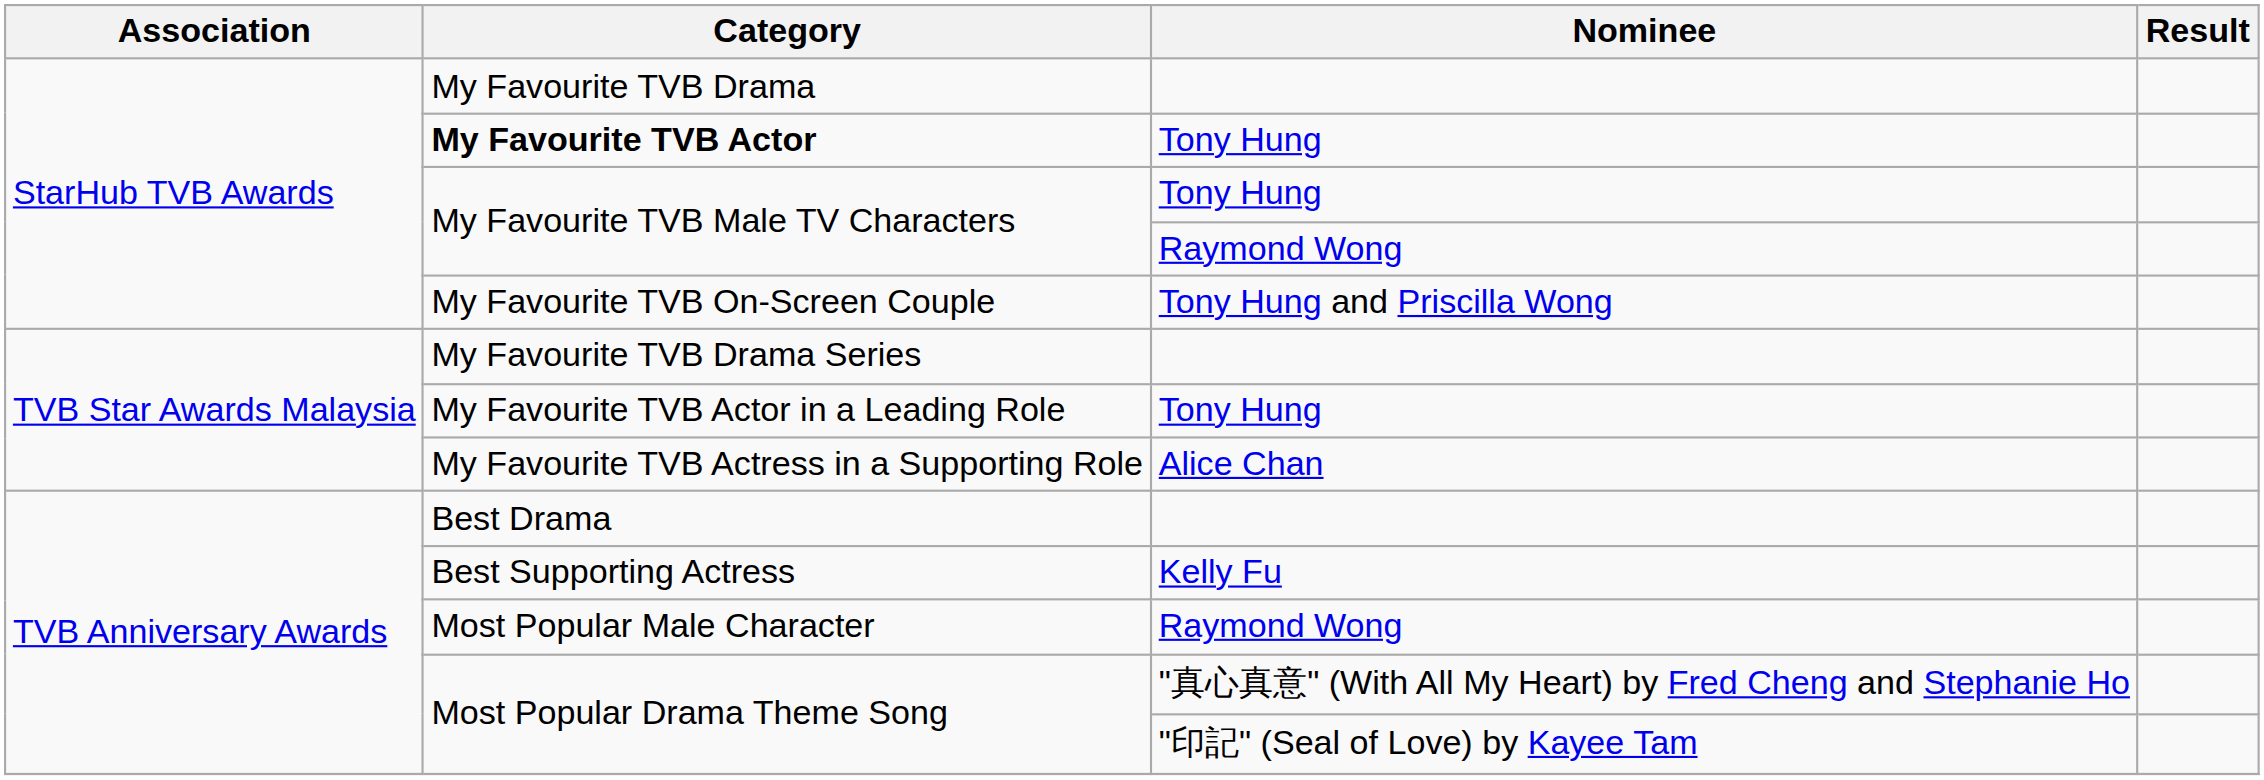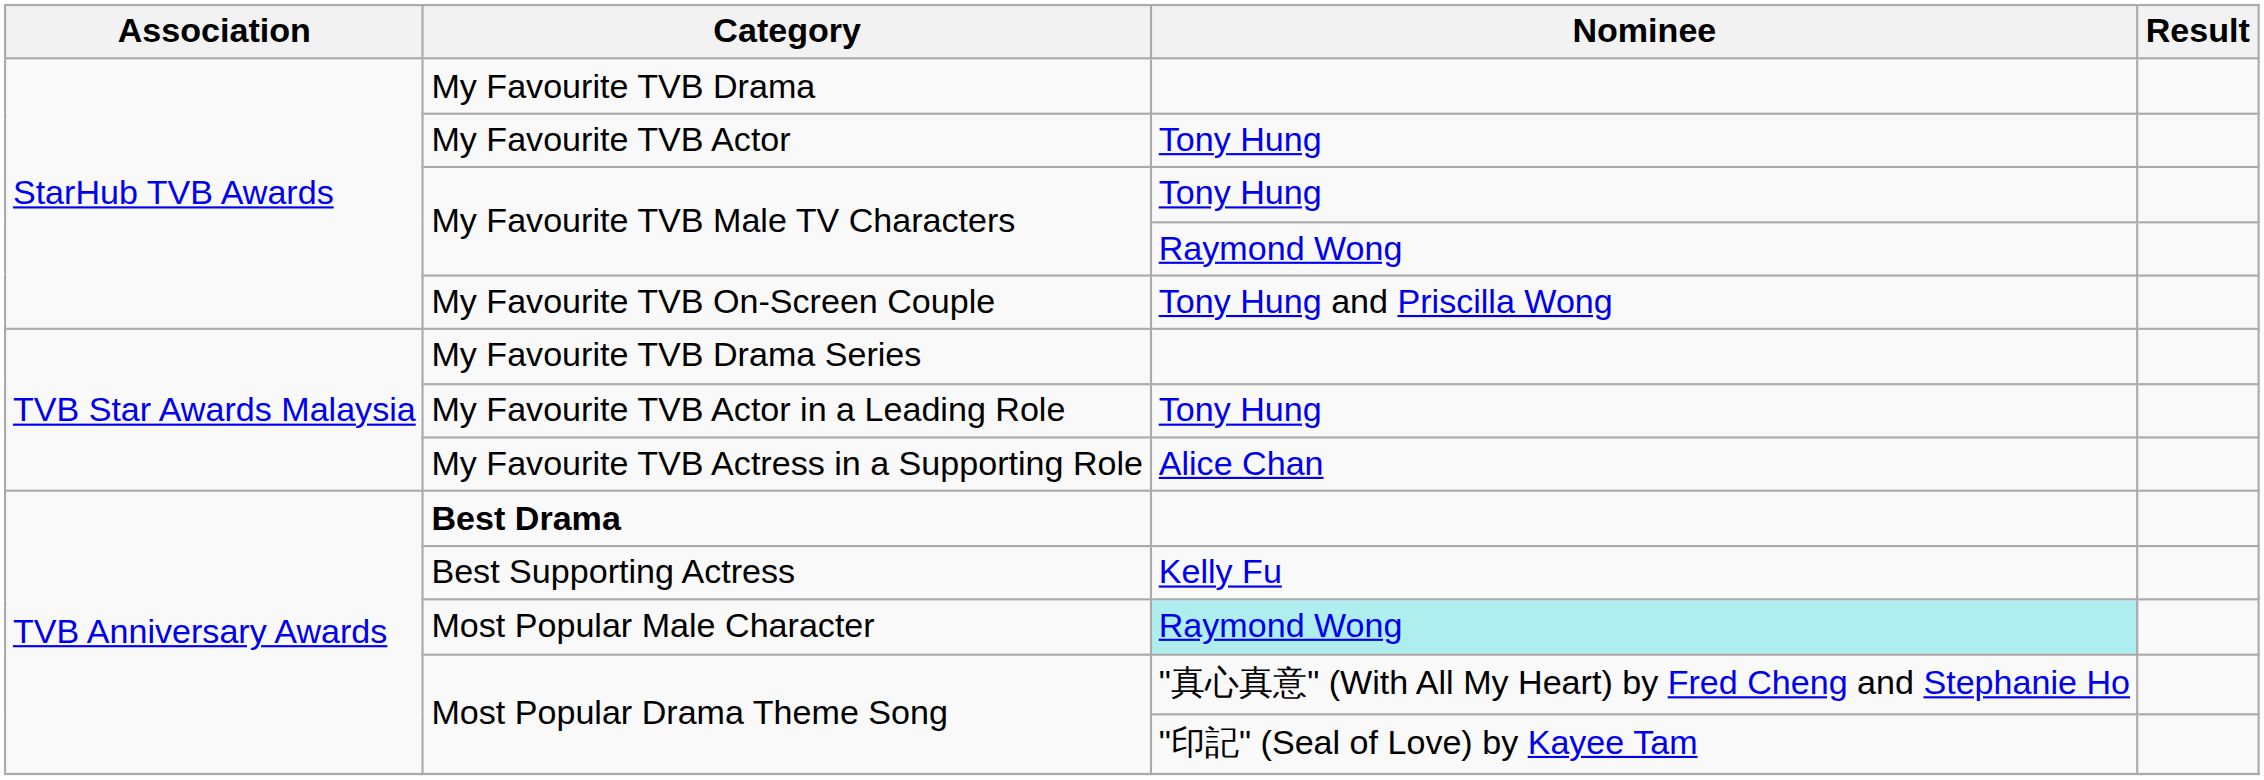 <table class="wikitable sortable">
 <tr>
 <th>Association</th>
 <th>Category</th>
 <th>Nominee</th>
 <th>Result</th>
 </tr>
 <tr>
 <td rowspan=5><a href='#'>StarHub TVB Awards</a></td>
 <td>My Favourite TVB Drama</td>
 <td></td>
 <td></td>
 </tr>
 <tr>
-<td><strong>My Favourite TVB Actor</strong></td>
+<td>My Favourite TVB Actor</td>
 <td><a href='#'>Tony Hung</a></td>
 <td></td>
 </tr>
 <tr>
 <td rowspan=2>My Favourite TVB Male TV Characters</td>
 <td><a href='#'>Tony Hung</a></td>
 <td></td>
 </tr>
 <tr>
 <td><a href='#'>Raymond Wong</a></td>
 <td></td>
 </tr>
 <tr>
 <td>My Favourite TVB On-Screen Couple</td>
 <td><a href='#'>Tony Hung</a> and <a href='#'>Priscilla Wong</a></td>
 <td></td>
 </tr>
 <tr>
 <td rowspan=3><a href='#'>TVB Star Awards Malaysia</a></td>
 <td>My Favourite TVB Drama Series</td>
 <td></td>
 <td></td>
 </tr>
 <tr>
 <td>My Favourite TVB Actor in a Leading Role</td>
 <td><a href='#'>Tony Hung</a></td>
 <td></td>
 </tr>
 <tr>
 <td>My Favourite TVB Actress in a Supporting Role</td>
 <td><a href='#'>Alice Chan</a></td>
 <td></td>
 </tr>
 <tr>
 <td rowspan=5><a href='#'>TVB Anniversary Awards</a></td>
-<td>Best Drama</td>
+<td><strong>Best Drama</strong></td>
 <td></td>
 <td></td>
 </tr>
 <tr>
 <td>Best Supporting Actress</td>
 <td><a href='#'>Kelly Fu</a></td>
 <td></td>
 </tr>
 <tr>
 <td>Most Popular Male Character</td>
-<td><a href='#'>Raymond Wong</a></td>
+<td style="background: paleturquoise;"><a href='#'>Raymond Wong</a></td>
 <td></td>
 </tr>
 <tr>
 <td rowspan=2>Most Popular Drama Theme Song</td>
 <td>"真心真意" (With All My Heart) by <a href='#'>Fred Cheng</a> and <a href='#'>Stephanie Ho</a></td>
 <td></td>
 </tr>
 <tr>
 <td>"印記" (Seal of Love) by <a href='#'>Kayee Tam</a></td>
 <td></td>
 </tr>
 <tr>
 </tr>
 </table>
